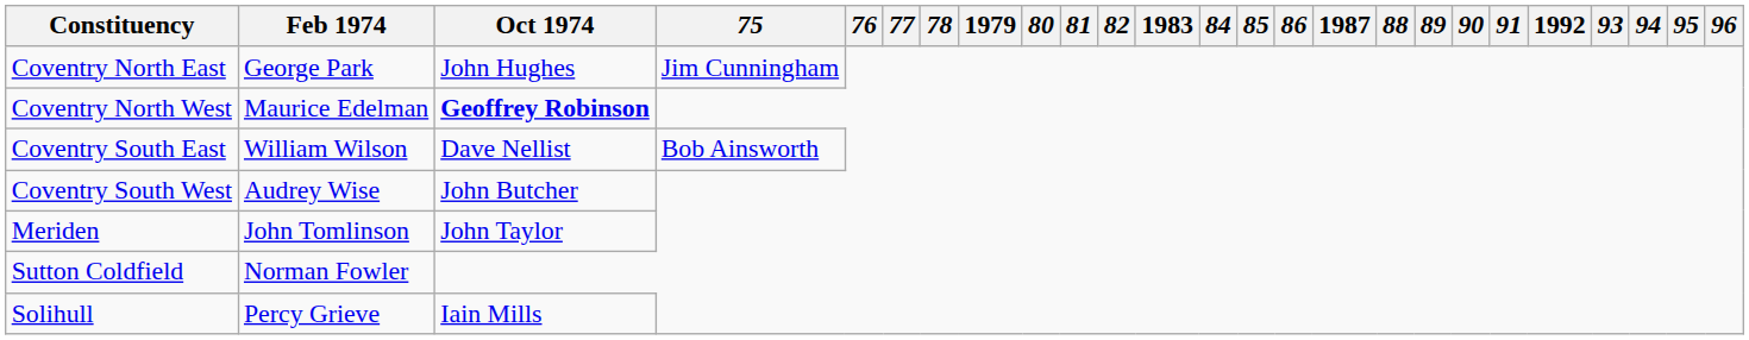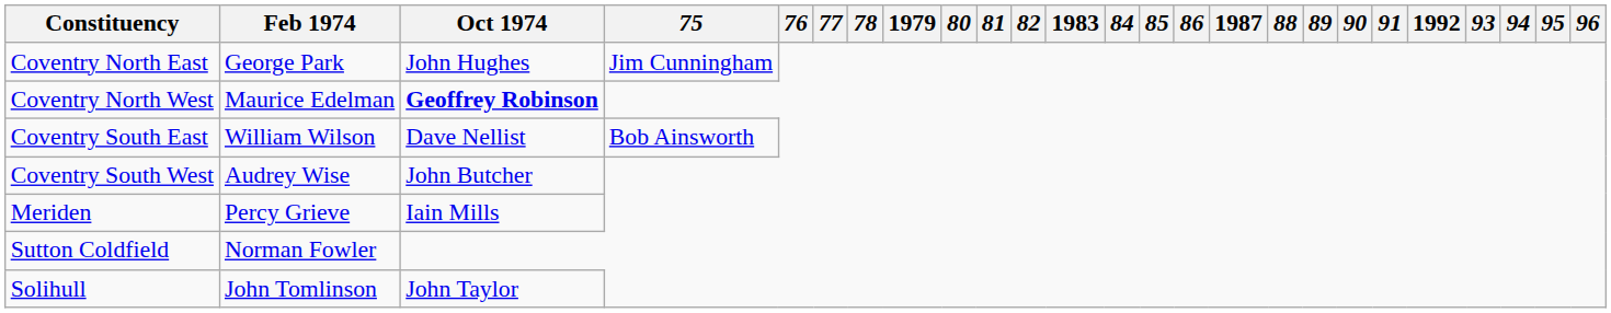 <table class="wikitable">
 <tr>
 <th>Constituency</th>
 <th>Feb 1974</th>
 <th>Oct 1974</th>
 <th><em>75</em></th>
 <th><em>76</em></th>
 <th><em>77</em></th>
 <th><em>78</em></th>
 <th>1979</th>
 <th><em>80</em></th>
 <th><em>81</em></th>
 <th><em>82</em></th>
 <th>1983</th>
 <th><em>84</em></th>
 <th><em>85</em></th>
 <th><em>86</em></th>
 <th>1987</th>
 <th><em>88</em></th>
 <th><em>89</em></th>
 <th><em>90</em></th>
 <th><em>91</em></th>
 <th>1992</th>
 <th><em>93</em></th>
 <th><em>94</em></th>
 <th><em>95</em></th>
 <th><em>96</em></th>
 </tr>
 <tr>
 <td><a href='#'>Coventry North East</a></td>
 <td><a href='#'>George Park</a></td>
 <td><a href='#'>John Hughes</a></td>
 <td><a href='#'>Jim Cunningham</a></td>
 </tr>
 <tr>
 <td><a href='#'>Coventry North West</a></td>
 <td><a href='#'>Maurice Edelman</a></td>
 <td><strong><a href='#'>Geoffrey Robinson</a></strong></td>
 </tr>
 <tr>
 <td><a href='#'>Coventry South East</a></td>
 <td><a href='#'>William Wilson</a></td>
 <td><a href='#'>Dave Nellist</a></td>
 <td><a href='#'>Bob Ainsworth</a></td>
 </tr>
 <tr>
 <td><a href='#'>Coventry South West</a></td>
 <td><a href='#'>Audrey Wise</a></td>
 <td><a href='#'>John Butcher</a></td>
 </tr>
 <tr>
 <td><a href='#'>Meriden</a></td>
-<td><a href='#'>John Tomlinson</a></td>
-<td><a href='#'>John Taylor</a></td>
+<td><a href='#'>Percy Grieve</a></td>
+<td><a href='#'>Iain Mills</a></td>
 </tr>
 <tr>
 <td><a href='#'>Sutton Coldfield</a></td>
 <td><a href='#'>Norman Fowler</a></td>
 </tr>
 <tr>
 <td><a href='#'>Solihull</a></td>
-<td><a href='#'>Percy Grieve</a></td>
-<td><a href='#'>Iain Mills</a></td>
+<td><a href='#'>John Tomlinson</a></td>
+<td><a href='#'>John Taylor</a></td>
 </tr>
 </table>
